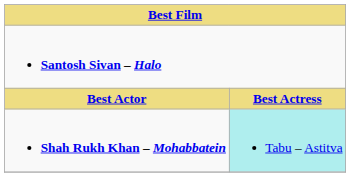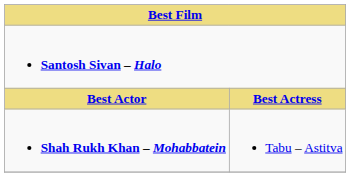 <table class="wikitable">
 <tr>
 <th ! style="background:#EEDD82;text-align:center;" colspan="2"><a href='#'>Best Film</a></th>
 </tr>
 <tr>
 <td valign="top" colspan="2"><br><ul><li><strong><a href='#'>Santosh Sivan</a> – <a href='#'><em>Halo</em></a></strong></li></ul></td>
 </tr>
 <tr>
 <th ! style="background:#eedd82; text-align:center;"><a href='#'>Best Actor</a></th>
 <th ! style="background:#EEDD82;text-align:center;"><a href='#'>Best Actress</a></th>
 </tr>
 <tr>
 <td valign="top"><br><ul><li><strong><a href='#'>Shah Rukh Khan</a></strong> <strong>– <em><a href='#'>Mohabbatein</a><strong><em></li></ul></td>
-<td valign="top" style="background: paleturquoise;"><br><ul><li></strong><a href='#'>Tabu</a> – </em><a href='#'>Astitva</a></em></strong></li></ul></td>
+<td valign="top"><br><ul><li></strong><a href='#'>Tabu</a> – </em><a href='#'>Astitva</a></em></strong></li></ul></td>
 </tr>
 <tr>
 </tr>
 </table>
